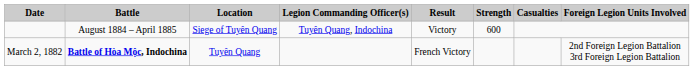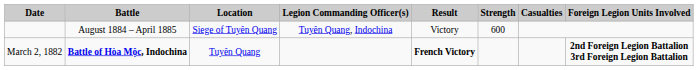 <table class="sorttable" border="1" cellpadding="4" cellspacing="1" style="margin: 1em 1em 1em 0; background: #f9f9f9; border: 1px #aaa solid; text-align:center; border-collapse: collapse; font-size: 95%;">
 <tr style="background:#cccccc">
 <td><strong>Date</strong></td>
 <td><strong>Battle</strong></td>
 <td><strong>Location</strong></td>
 <td><strong>Legion Commanding Officer(s)</strong></td>
 <td><strong>Result</strong></td>
 <td><strong>Strength</strong></td>
 <td><strong>Casualties</strong></td>
 <td><strong>Foreign Legion Units Involved</strong></td>
 </tr>
 <tr>
 <td></td>
 <td>August 1884 – April 1885</td>
 <td><a href='#'>Siege of Tuyên Quang</a></td>
 <td><a href='#'>Tuyên Quang</a>, <a href='#'>Indochina</a></td>
 <td>Victory</td>
 <td>600</td>
 </tr>
 <tr>
 <td>March 2, 1882</td>
 <td><strong><a href='#'>Battle of Hòa Mộc</a>, Indochina</strong></td>
 <td><a href='#'>Tuyên Quang</a></td>
 <td></td>
-<td>French Victory</td>
+<td><strong>French Victory</strong></td>
 <td></td>
 <td></td>
-<td>2nd Foreign Legion Battalion<br>3rd Foreign Legion Battalion</td>
+<td><strong>2nd Foreign Legion Battalion<br>3rd Foreign Legion Battalion</strong></td>
 </tr>
 </table>
